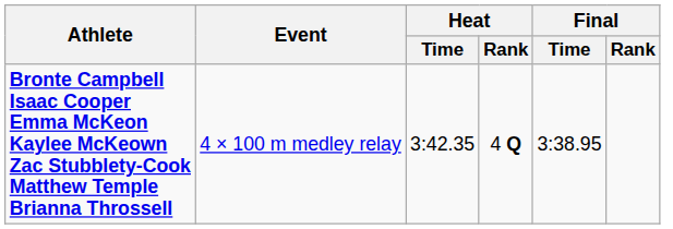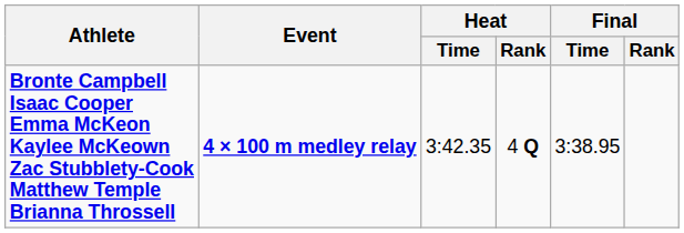 <table class=wikitable style=font-size:90%>
 <tr>
 <th rowspan=2>Athlete</th>
 <th rowspan=2>Event</th>
 <th colspan=2>Heat</th>
 <th colspan=2>Final</th>
 </tr>
 <tr style=font-size:95%>
 <th>Time</th>
 <th>Rank</th>
 <th>Time</th>
 <th>Rank</th>
 </tr>
 <tr align=center>
 <td align=left><strong><a href='#'>Bronte Campbell</a><br><a href='#'>Isaac Cooper</a><br><a href='#'>Emma McKeon</a><br><a href='#'>Kaylee McKeown</a><br><a href='#'>Zac Stubblety-Cook</a><br><a href='#'>Matthew Temple</a><br><a href='#'>Brianna Throssell</a></strong></td>
-<td align=left><a href='#'>4 × 100 m medley relay</a></td>
+<td align=left><strong><a href='#'>4 × 100 m medley relay</a></strong></td>
 <td>3:42.35</td>
 <td>4 <strong>Q</strong></td>
 <td>3:38.95</td>
 <td></td>
 </tr>
 </table>
